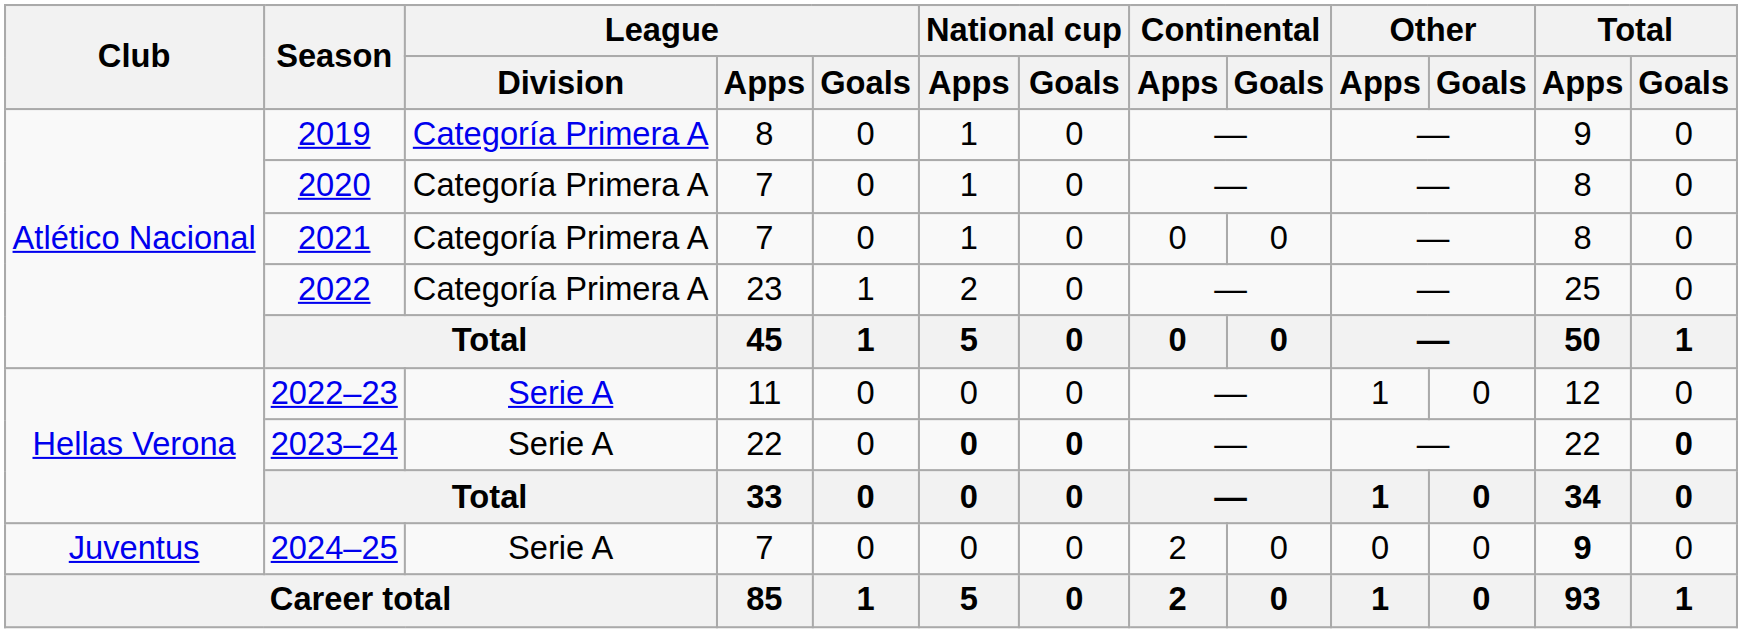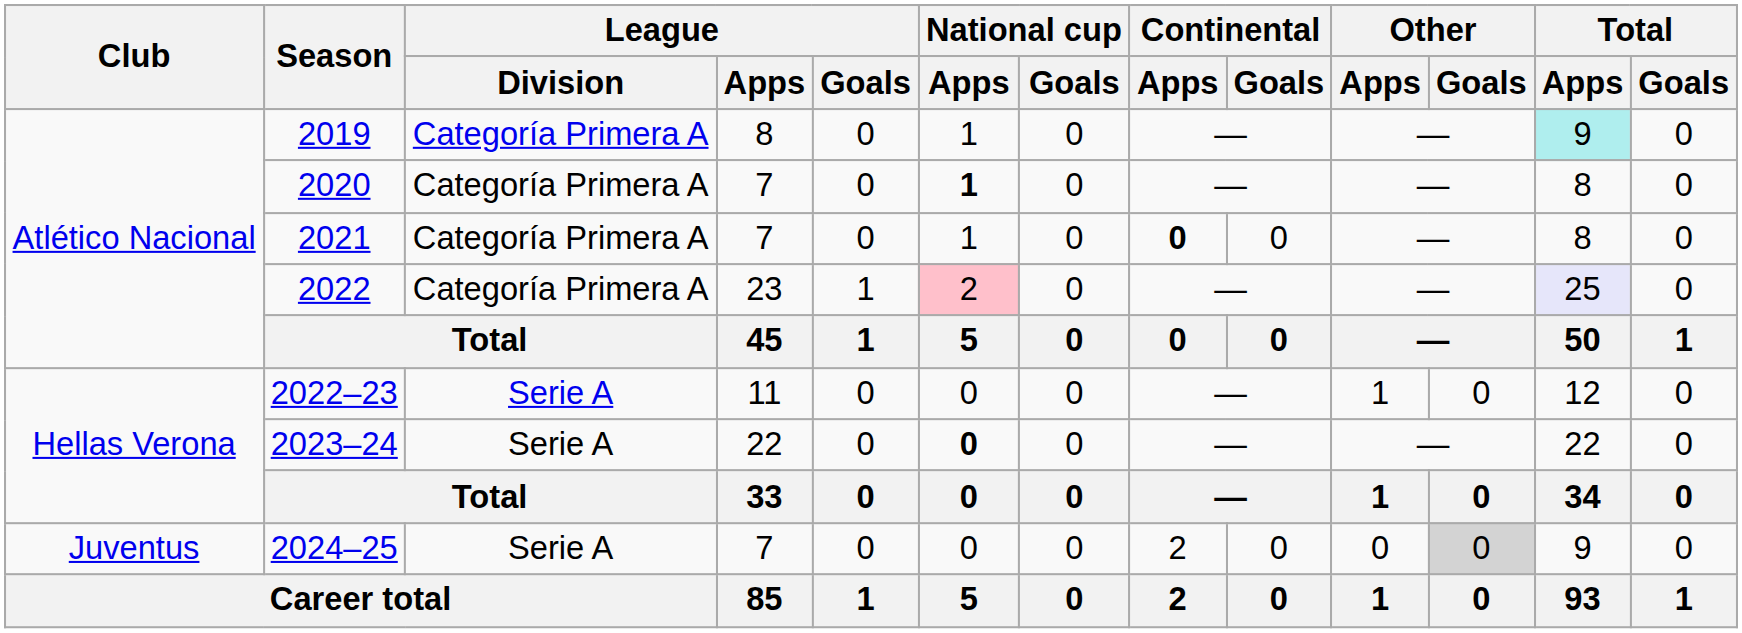 <table class="wikitable" style="text-align:center">
 <tr>
 <th rowspan=2>Club</th>
 <th rowspan=2>Season</th>
 <th colspan=3>League</th>
 <th colspan=2>National cup</th>
 <th colspan=2>Continental</th>
 <th colspan=2>Other</th>
 <th colspan=2>Total</th>
 </tr>
 <tr>
 <th>Division</th>
 <th>Apps</th>
 <th>Goals</th>
 <th>Apps</th>
 <th>Goals</th>
 <th>Apps</th>
 <th>Goals</th>
 <th>Apps</th>
 <th>Goals</th>
 <th>Apps</th>
 <th>Goals</th>
 </tr>
 <tr>
 <td rowspan="5"><a href='#'>Atlético Nacional</a></td>
 <td><a href='#'>2019</a></td>
 <td><a href='#'>Categoría Primera A</a></td>
 <td>8</td>
 <td>0</td>
 <td>1</td>
 <td>0</td>
 <td colspan="2">—</td>
 <td colspan="2">—</td>
-<td>9</td>
+<td style="background: paleturquoise;">9</td>
 <td>0</td>
 </tr>
 <tr>
 <td><a href='#'>2020</a></td>
 <td>Categoría Primera A</td>
 <td>7</td>
 <td>0</td>
-<td>1</td>
+<td><strong>1</strong></td>
 <td>0</td>
 <td colspan="2">—</td>
 <td colspan="2">—</td>
 <td>8</td>
 <td>0</td>
 </tr>
 <tr>
 <td><a href='#'>2021</a></td>
 <td>Categoría Primera A</td>
 <td>7</td>
 <td>0</td>
 <td>1</td>
 <td>0</td>
-<td>0</td>
+<td><strong>0</strong></td>
 <td>0</td>
 <td colspan="2">—</td>
 <td>8</td>
 <td>0</td>
 </tr>
 <tr>
 <td><a href='#'>2022</a></td>
 <td>Categoría Primera A</td>
 <td>23</td>
 <td>1</td>
-<td>2</td>
+<td style="background: pink;">2</td>
 <td>0</td>
 <td colspan="2">—</td>
 <td colspan="2">—</td>
-<td>25</td>
+<td style="background: lavender;">25</td>
 <td>0</td>
 </tr>
 <tr>
 <th colspan="2">Total</th>
 <th>45</th>
 <th>1</th>
 <th>5</th>
 <th>0</th>
 <th>0</th>
 <th>0</th>
 <th colspan="2">—</th>
 <th>50</th>
 <th>1</th>
 </tr>
 <tr>
 <td rowspan="3"><a href='#'>Hellas Verona</a></td>
 <td><a href='#'>2022–23</a></td>
 <td><a href='#'>Serie A</a></td>
 <td>11</td>
 <td>0</td>
 <td>0</td>
 <td>0</td>
 <td colspan=2>—</td>
 <td>1</td>
 <td>0</td>
 <td>12</td>
 <td>0</td>
 </tr>
 <tr>
 <td><a href='#'>2023–24</a></td>
 <td>Serie A</td>
 <td>22</td>
 <td>0</td>
 <td><strong>0</strong></td>
-<td><strong>0</strong></td>
+<td>0</td>
 <td colspan="2">—</td>
 <td colspan=2>—</td>
 <td>22</td>
-<td><strong>0</strong></td>
+<td>0</td>
 </tr>
 <tr>
 <th colspan=2>Total</th>
 <th>33</th>
 <th>0</th>
 <th>0</th>
 <th>0</th>
 <th colspan=2>—</th>
 <th>1</th>
 <th>0</th>
 <th>34</th>
 <th>0</th>
 </tr>
 <tr>
 <td><a href='#'>Juventus</a></td>
 <td><a href='#'>2024–25</a></td>
 <td>Serie A</td>
 <td>7</td>
 <td>0</td>
 <td>0</td>
 <td>0</td>
 <td>2</td>
 <td>0</td>
 <td>0</td>
-<td>0</td>
-<td><strong>9</strong></td>
+<td style="background: lightgrey;">0</td>
+<td>9</td>
 <td>0</td>
 </tr>
 <tr>
 <th colspan=3>Career total</th>
 <th>85</th>
 <th>1</th>
 <th>5</th>
 <th>0</th>
 <th>2</th>
 <th>0</th>
 <th>1</th>
 <th>0</th>
 <th>93</th>
 <th>1</th>
 </tr>
 </table>
